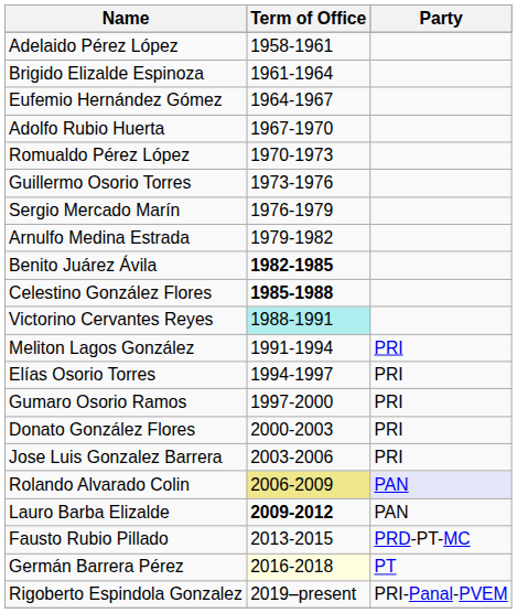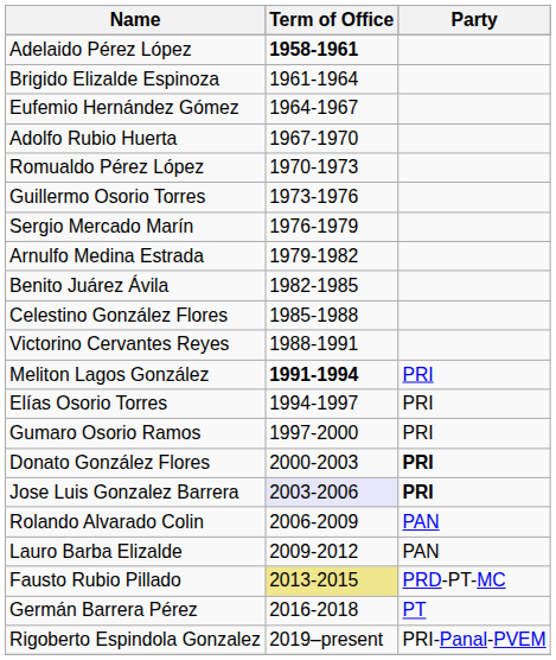 <table class="wikitable">
 <tr style="background:#000000; color:black;">
 <th><strong>Name</strong></th>
 <th><strong>Term of Office</strong></th>
 <th><strong> Party</strong></th>
 </tr>
 <tr>
 <td>Adelaido Pérez López</td>
-<td>1958-1961</td>
+<td><strong>1958-1961</strong></td>
 <td></td>
 </tr>
 <tr>
 <td>Brigido Elizalde Espinoza</td>
 <td>1961-1964</td>
 <td></td>
 </tr>
 <tr>
 <td>Eufemio Hernández Gómez</td>
 <td>1964-1967</td>
 <td></td>
 </tr>
 <tr>
 <td>Adolfo Rubio Huerta</td>
 <td>1967-1970</td>
 <td></td>
 </tr>
 <tr>
 <td>Romualdo Pérez López</td>
 <td>1970-1973</td>
 <td></td>
 </tr>
 <tr>
 <td>Guillermo Osorio Torres</td>
 <td>1973-1976</td>
 <td></td>
 </tr>
 <tr>
 <td>Sergio Mercado Marín</td>
 <td>1976-1979</td>
 <td></td>
 </tr>
 <tr>
 <td>Arnulfo Medina Estrada</td>
 <td>1979-1982</td>
 <td></td>
 </tr>
 <tr>
 <td>Benito Juárez Ávila</td>
-<td><strong>1982-1985</strong></td>
+<td>1982-1985</td>
 <td></td>
 </tr>
 <tr>
 <td>Celestino González Flores</td>
-<td><strong>1985-1988</strong></td>
+<td>1985-1988</td>
 <td></td>
 </tr>
 <tr>
 <td>Victorino Cervantes Reyes</td>
-<td style="background: paleturquoise;">1988-1991</td>
+<td>1988-1991</td>
 <td></td>
 </tr>
 <tr>
 <td>Meliton Lagos González</td>
-<td>1991-1994</td>
+<td><strong>1991-1994</strong></td>
 <td><a href='#'>PRI</a></td>
 </tr>
 <tr>
 <td>Elías Osorio Torres</td>
 <td>1994-1997</td>
 <td>PRI</td>
 </tr>
 <tr>
 <td>Gumaro Osorio Ramos</td>
 <td>1997-2000</td>
 <td>PRI</td>
 </tr>
 <tr>
 <td>Donato González Flores</td>
 <td>2000-2003</td>
-<td>PRI</td>
+<td><strong>PRI</strong></td>
 </tr>
 <tr>
 <td>Jose Luis Gonzalez Barrera</td>
-<td>2003-2006</td>
-<td>PRI</td>
+<td style="background: lavender;">2003-2006</td>
+<td><strong>PRI</strong></td>
 </tr>
 <tr>
 <td>Rolando Alvarado Colin</td>
-<td style="background: khaki;">2006-2009</td>
-<td style="background: lavender;"><a href='#'>PAN</a></td>
+<td>2006-2009</td>
+<td><a href='#'>PAN</a></td>
 </tr>
 <tr>
 <td>Lauro Barba Elizalde</td>
-<td><strong>2009-2012</strong></td>
+<td>2009-2012</td>
 <td>PAN</td>
 </tr>
 <tr>
 <td>Fausto Rubio Pillado</td>
-<td>2013-2015</td>
+<td style="background: khaki;">2013-2015</td>
 <td><a href='#'>PRD</a>-PT-<a href='#'>MC</a></td>
 </tr>
 <tr>
 <td>Germán Barrera Pérez</td>
-<td style="background: lightyellow;">2016-2018</td>
+<td>2016-2018</td>
 <td><a href='#'>PT</a></td>
 </tr>
 <tr>
 <td>Rigoberto Espindola Gonzalez</td>
 <td>2019–present</td>
 <td>PRI-<a href='#'>Panal</a>-<a href='#'>PVEM</a></td>
 </tr>
 <tr>
 </tr>
 </table>
